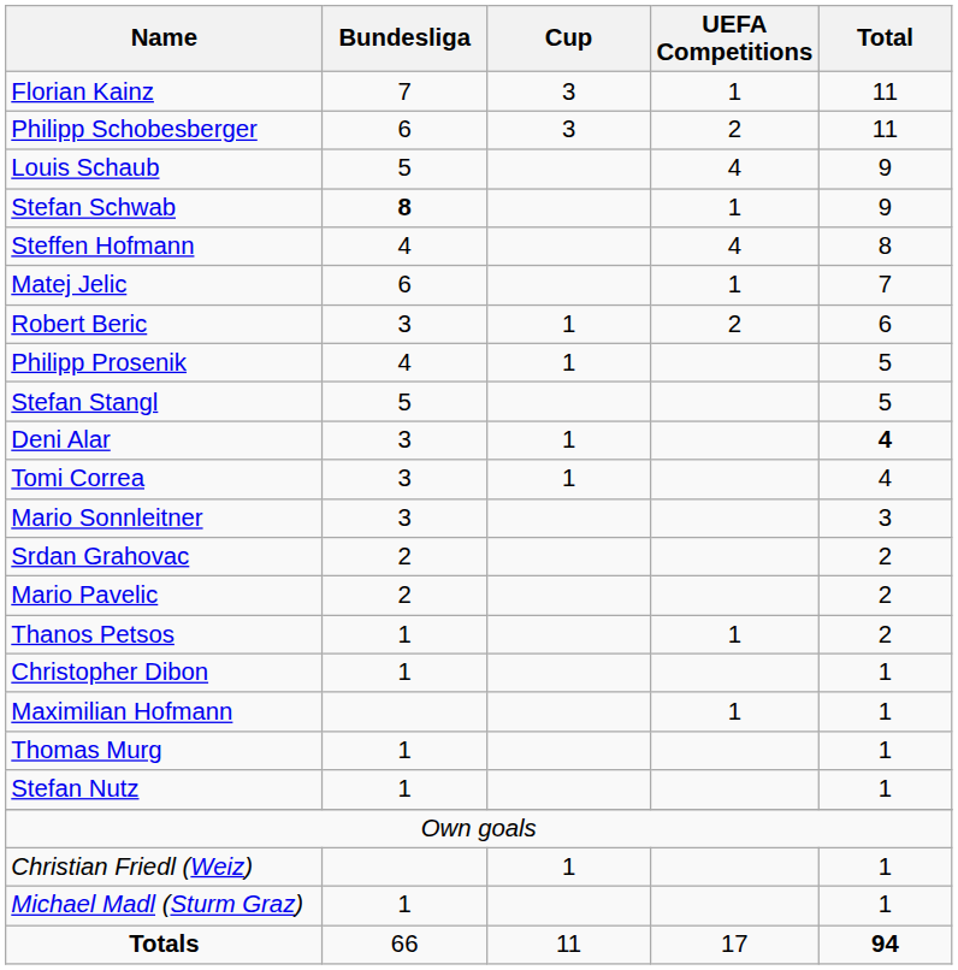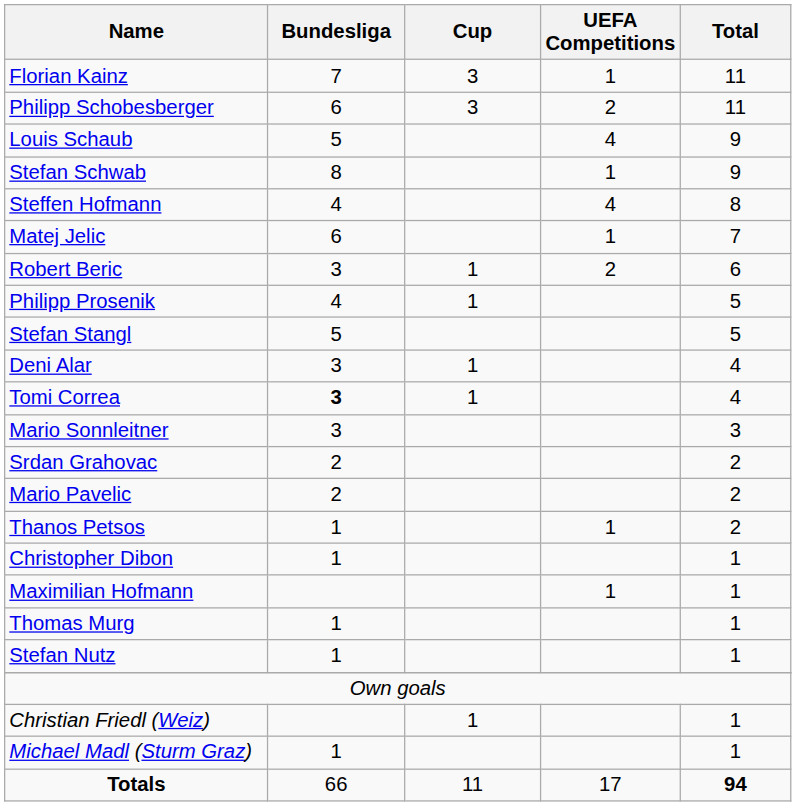 <table class="wikitable sortable" style="text-align: center;">
 <tr>
 <th class="unsortable" width=200>Name</th>
 <th width=100>Bundesliga</th>
 <th width=100>Cup</th>
 <th width=100>UEFA Competitions</th>
 <th width=80><strong>Total</strong></th>
 </tr>
 <tr>
 <td align="left"> <a href='#'>Florian Kainz</a></td>
 <td>7</td>
 <td>3</td>
 <td>1</td>
 <td>11</td>
 </tr>
 <tr>
 <td align="left"> <a href='#'>Philipp Schobesberger</a></td>
 <td>6</td>
 <td>3</td>
 <td>2</td>
 <td>11</td>
 </tr>
 <tr>
 <td align="left"> <a href='#'>Louis Schaub</a></td>
 <td>5</td>
 <td></td>
 <td>4</td>
 <td>9</td>
 </tr>
 <tr>
 <td align="left"> <a href='#'>Stefan Schwab</a></td>
-<td><strong>8</strong></td>
+<td>8</td>
 <td></td>
 <td>1</td>
 <td>9</td>
 </tr>
 <tr>
 <td align="left"> <a href='#'>Steffen Hofmann</a></td>
 <td>4</td>
 <td></td>
 <td>4</td>
 <td>8</td>
 </tr>
 <tr>
 <td align="left"> <a href='#'>Matej Jelic</a></td>
 <td>6</td>
 <td></td>
 <td>1</td>
 <td>7</td>
 </tr>
 <tr>
 <td align="left"> <a href='#'>Robert Beric</a></td>
 <td>3</td>
 <td>1</td>
 <td>2</td>
 <td>6</td>
 </tr>
 <tr>
 <td align="left"> <a href='#'>Philipp Prosenik</a></td>
 <td>4</td>
 <td>1</td>
 <td></td>
 <td>5</td>
 </tr>
 <tr>
 <td align="left"> <a href='#'>Stefan Stangl</a></td>
 <td>5</td>
 <td></td>
 <td></td>
 <td>5</td>
 </tr>
 <tr>
 <td align="left"> <a href='#'>Deni Alar</a></td>
 <td>3</td>
 <td>1</td>
 <td></td>
-<td><strong>4</strong></td>
+<td>4</td>
 </tr>
 <tr>
 <td align="left"> <a href='#'>Tomi Correa</a></td>
-<td>3</td>
+<td><strong>3</strong></td>
 <td>1</td>
 <td></td>
 <td>4</td>
 </tr>
 <tr>
 <td align="left"> <a href='#'>Mario Sonnleitner</a></td>
 <td>3</td>
 <td></td>
 <td></td>
 <td>3</td>
 </tr>
 <tr>
 <td align="left"> <a href='#'>Srdan Grahovac</a></td>
 <td>2</td>
 <td></td>
 <td></td>
 <td>2</td>
 </tr>
 <tr>
 <td align="left"> <a href='#'>Mario Pavelic</a></td>
 <td>2</td>
 <td></td>
 <td></td>
 <td>2</td>
 </tr>
 <tr>
 <td align="left"> <a href='#'>Thanos Petsos</a></td>
 <td>1</td>
 <td></td>
 <td>1</td>
 <td>2</td>
 </tr>
 <tr>
 <td align="left"> <a href='#'>Christopher Dibon</a></td>
 <td>1</td>
 <td></td>
 <td></td>
 <td>1</td>
 </tr>
 <tr>
 <td align="left"> <a href='#'>Maximilian Hofmann</a></td>
 <td></td>
 <td></td>
 <td>1</td>
 <td>1</td>
 </tr>
 <tr>
 <td align="left"> <a href='#'>Thomas Murg</a></td>
 <td>1</td>
 <td></td>
 <td></td>
 <td>1</td>
 </tr>
 <tr>
 <td align="left"> <a href='#'>Stefan Nutz</a></td>
 <td>1</td>
 <td></td>
 <td></td>
 <td>1</td>
 </tr>
 <tr>
 </tr>
 <tr class="sortbottom">
 <td colspan="5"><em>Own goals</em></td>
 </tr>
 <tr class="sortbottom">
 <td align="left"> <em>Christian Friedl (<a href='#'>Weiz</a>)</em></td>
 <td></td>
 <td>1</td>
 <td></td>
 <td>1</td>
 </tr>
 <tr class="sortbottom">
 <td align="left"> <em><a href='#'>Michael Madl</a> (<a href='#'>Sturm Graz</a>)</em></td>
 <td>1</td>
 <td></td>
 <td></td>
 <td>1</td>
 </tr>
 <tr class="sortbottom">
 <td><strong>Totals</strong></td>
 <td>66</td>
 <td>11</td>
 <td>17</td>
 <td><strong>94</strong></td>
 </tr>
 </table>
